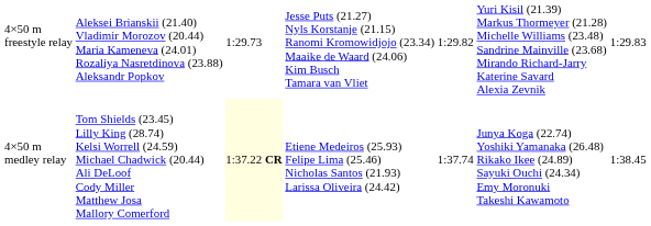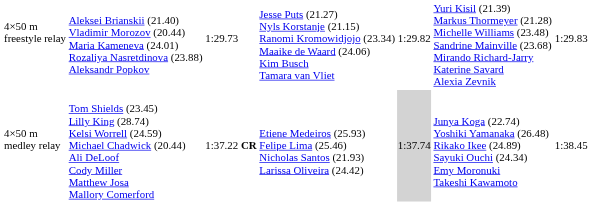 <table>
 <tr>
 <td>4×50 m<br>freestyle relay<br>  </td>
 <td><br><a href='#'>Aleksei Brianskii</a> (21.40)<br><a href='#'>Vladimir Morozov</a> (20.44)<br><a href='#'>Maria Kameneva</a> (24.01)<br><a href='#'>Rozaliya Nasretdinova</a> (23.88)<br><a href='#'>Aleksandr Popkov</a></td>
 <td>1:29.73</td>
 <td><br><a href='#'>Jesse Puts</a> (21.27)<br><a href='#'>Nyls Korstanje</a> (21.15)<br><a href='#'>Ranomi Kromowidjojo</a> (23.34)<br><a href='#'>Maaike de Waard</a> (24.06)<br><a href='#'>Kim Busch</a><br><a href='#'>Tamara van Vliet</a></td>
 <td>1:29.82</td>
 <td><br><a href='#'>Yuri Kisil</a> (21.39)<br><a href='#'>Markus Thormeyer</a> (21.28)<br><a href='#'>Michelle Williams</a> (23.48)<br><a href='#'>Sandrine Mainville</a> (23.68)<br><a href='#'>Mirando Richard-Jarry</a><br><a href='#'>Katerine Savard</a><br><a href='#'>Alexia Zevnik</a></td>
 <td>1:29.83</td>
 </tr>
 <tr>
 <td>4×50 m<br>medley relay<br>  </td>
 <td><br><a href='#'>Tom Shields</a> (23.45)<br><a href='#'>Lilly King</a> (28.74)<br><a href='#'>Kelsi Worrell</a> (24.59)<br><a href='#'>Michael Chadwick</a> (20.44)<br><a href='#'>Ali DeLoof</a><br><a href='#'>Cody Miller</a><br><a href='#'>Matthew Josa</a><br><a href='#'>Mallory Comerford</a></td>
-<td style="background: lightyellow;">1:37.22 <strong>CR</strong></td>
+<td>1:37.22 <strong>CR</strong></td>
 <td><br><a href='#'>Etiene Medeiros</a> (25.93)<br><a href='#'>Felipe Lima</a> (25.46)<br><a href='#'>Nicholas Santos</a> (21.93)<br><a href='#'>Larissa Oliveira</a> (24.42)</td>
-<td>1:37.74</td>
+<td style="background: lightgrey;">1:37.74</td>
 <td><br><a href='#'>Junya Koga</a> (22.74)<br><a href='#'>Yoshiki Yamanaka</a> (26.48)<br><a href='#'>Rikako Ikee</a> (24.89)<br><a href='#'>Sayuki Ouchi</a> (24.34)<br><a href='#'>Emy Moronuki</a><br><a href='#'>Takeshi Kawamoto</a></td>
 <td>1:38.45</td>
 </tr>
 </table>
